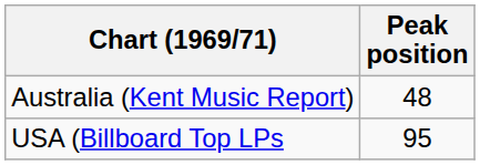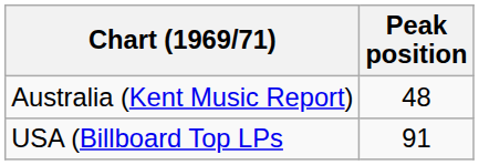 <table class="wikitable">
 <tr>
 <th scope="col">Chart (1969/71)</th>
 <th>Peak<br>position</th>
 </tr>
 <tr>
 <td>Australia (<a href='#'>Kent Music Report</a>)</td>
 <td style="text-align:center;">48</td>
 </tr>
 <tr>
 <td>USA (<a href='#'>Billboard Top LPs</a></td>
-<td align="center">95</td>
+<td align="center">91</td>
 </tr>
 </table>
